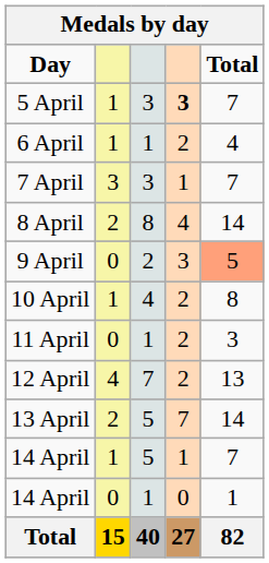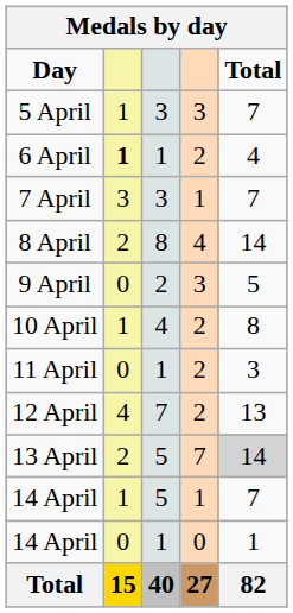 <table class="wikitable" style="font-size:85%; float:right">
 <tr align=center>
 <th colspan=5>Medals by day</th>
 </tr>
 <tr align=center>
 <td><strong>Day</strong></td>
 <td bgcolor=#f7f6a8></td>
 <td bgcolor=#dce5e5></td>
 <td bgcolor=#ffdab9></td>
 <td><strong>Total</strong></td>
 </tr>
 <tr align=center>
 <td>5 April</td>
 <td bgcolor=#f7f6a8>1</td>
 <td bgcolor=#dce5e5>3</td>
-<td bgcolor=#ffdab9><strong>3</strong></td>
+<td bgcolor=#ffdab9>3</td>
 <td>7</td>
 </tr>
 <tr align=center>
 <td>6 April</td>
-<td bgcolor=#f7f6a8>1</td>
+<td bgcolor=#f7f6a8><strong>1</strong></td>
 <td bgcolor=#dce5e5>1</td>
 <td bgcolor=#ffdab9>2</td>
 <td>4</td>
 </tr>
 <tr align=center>
 <td>7 April</td>
 <td bgcolor=#f7f6a8>3</td>
 <td bgcolor=#dce5e5>3</td>
 <td bgcolor=#ffdab9>1</td>
 <td>7</td>
 </tr>
 <tr align=center>
 <td>8 April</td>
 <td bgcolor=#f7f6a8>2</td>
 <td bgcolor=#dce5e5>8</td>
 <td bgcolor=#ffdab9>4</td>
 <td>14</td>
 </tr>
 <tr align=center>
 <td>9 April</td>
 <td bgcolor=#f7f6a8>0</td>
 <td bgcolor=#dce5e5>2</td>
 <td bgcolor=#ffdab9>3</td>
-<td style="background: lightsalmon;">5</td>
+<td>5</td>
 </tr>
 <tr align=center>
 <td>10 April</td>
 <td bgcolor=#f7f6a8>1</td>
 <td bgcolor=#dce5e5>4</td>
 <td bgcolor=#ffdab9>2</td>
 <td>8</td>
 </tr>
 <tr align=center>
 <td>11 April</td>
 <td bgcolor=#f7f6a8>0</td>
 <td bgcolor=#dce5e5>1</td>
 <td bgcolor=#ffdab9>2</td>
 <td>3</td>
 </tr>
 <tr align=center>
 <td>12 April</td>
 <td bgcolor=#f7f6a8>4</td>
 <td bgcolor=#dce5e5>7</td>
 <td bgcolor=#ffdab9>2</td>
 <td>13</td>
 </tr>
 <tr align=center>
 <td>13 April</td>
 <td bgcolor=#f7f6a8>2</td>
 <td bgcolor=#dce5e5>5</td>
 <td bgcolor=#ffdab9>7</td>
-<td>14</td>
+<td style="background: lightgrey;">14</td>
 </tr>
 <tr align=center>
 <td>14 April</td>
 <td bgcolor=#f7f6a8>1</td>
 <td bgcolor=#dce5e5>5</td>
 <td bgcolor=#ffdab9>1</td>
 <td>7</td>
 </tr>
 <tr align=center>
 <td>14 April</td>
 <td bgcolor=#f7f6a8>0</td>
 <td bgcolor=#dce5e5>1</td>
 <td bgcolor=#ffdab9>0</td>
 <td>1</td>
 </tr>
 <tr align=center>
 <th bgcolor=#efefef>Total</th>
 <th style="background:gold;">15</th>
 <th style="background:silver;">40</th>
 <th style="background:#c96;">27</th>
 <th>82</th>
 </tr>
 </table>
